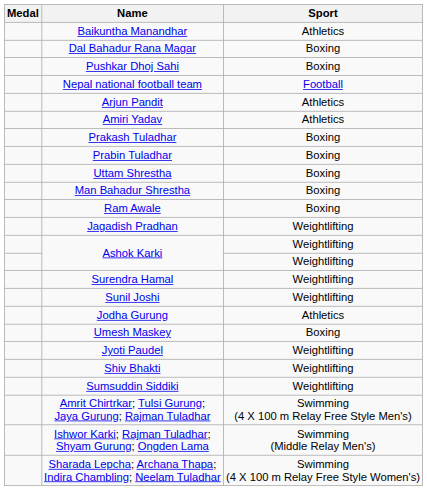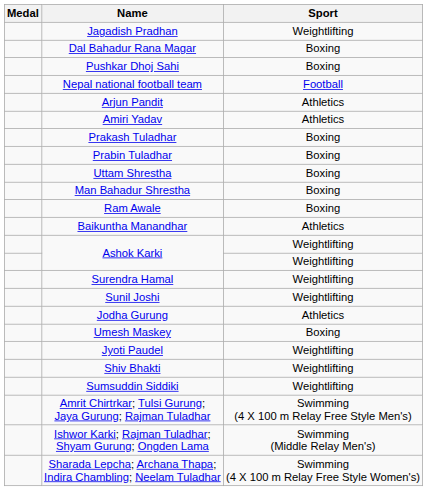 <table class="wikitable sortable" style="text-align:center; font-size:90%">
 <tr>
 <th>Medal</th>
 <th>Name</th>
 <th>Sport</th>
 </tr>
 <tr>
 <td></td>
-<td><a href='#'>Baikuntha Manandhar</a></td>
-<td>Athletics</td>
+<td><a href='#'>Jagadish Pradhan</a></td>
+<td>Weightlifting</td>
 </tr>
 <tr>
 <td></td>
 <td><a href='#'>Dal Bahadur Rana Magar</a></td>
 <td>Boxing</td>
 </tr>
 <tr>
 <td></td>
 <td><a href='#'>Pushkar Dhoj Sahi</a></td>
 <td>Boxing</td>
 </tr>
 <tr>
 <td></td>
 <td><a href='#'>Nepal national football team</a></td>
 <td><a href='#'>Football</a></td>
 </tr>
 <tr>
 <td></td>
 <td><a href='#'>Arjun Pandit</a></td>
 <td>Athletics</td>
 </tr>
 <tr>
 <td></td>
 <td><a href='#'>Amiri Yadav</a></td>
 <td>Athletics</td>
 </tr>
 <tr>
 <td></td>
 <td><a href='#'>Prakash Tuladhar</a></td>
 <td>Boxing</td>
 </tr>
 <tr>
 <td></td>
 <td><a href='#'>Prabin Tuladhar</a></td>
 <td>Boxing</td>
 </tr>
 <tr>
 <td></td>
 <td><a href='#'>Uttam Shrestha</a></td>
 <td>Boxing</td>
 </tr>
 <tr>
 <td></td>
 <td><a href='#'>Man Bahadur Shrestha</a></td>
 <td>Boxing</td>
 </tr>
 <tr>
 <td></td>
 <td><a href='#'>Ram Awale</a></td>
 <td>Boxing</td>
 </tr>
 <tr>
 <td></td>
-<td><a href='#'>Jagadish Pradhan</a></td>
-<td>Weightlifting</td>
+<td><a href='#'>Baikuntha Manandhar</a></td>
+<td>Athletics</td>
 </tr>
 <tr>
 <td></td>
 <td rowspan="2"><a href='#'>Ashok Karki</a></td>
 <td>Weightlifting</td>
 </tr>
 <tr>
 <td></td>
 <td>Weightlifting</td>
 </tr>
 <tr>
 <td></td>
 <td><a href='#'>Surendra Hamal</a></td>
 <td>Weightlifting</td>
 </tr>
 <tr>
 <td></td>
 <td><a href='#'>Sunil Joshi</a></td>
 <td>Weightlifting</td>
 </tr>
 <tr>
 <td></td>
 <td><a href='#'>Jodha Gurung</a></td>
 <td>Athletics</td>
 </tr>
 <tr>
 <td></td>
 <td><a href='#'>Umesh Maskey</a></td>
 <td>Boxing</td>
 </tr>
 <tr>
 <td></td>
 <td><a href='#'>Jyoti Paudel</a></td>
 <td>Weightlifting</td>
 </tr>
 <tr>
 <td></td>
 <td><a href='#'>Shiv Bhakti</a></td>
 <td>Weightlifting</td>
 </tr>
 <tr>
 <td></td>
 <td><a href='#'>Sumsuddin Siddiki</a></td>
 <td>Weightlifting</td>
 </tr>
 <tr>
 <td></td>
 <td><a href='#'>Amrit Chirtrkar</a>; <a href='#'>Tulsi Gurung</a>;<br><a href='#'>Jaya Gurung</a>; <a href='#'>Rajman Tuladhar</a></td>
 <td>Swimming<br>(4 X 100 m Relay Free Style Men's)</td>
 </tr>
 <tr>
 <td></td>
 <td><a href='#'>Ishwor Karki</a>; <a href='#'>Rajman Tuladhar</a>;<br><a href='#'>Shyam Gurung</a>; <a href='#'>Ongden Lama</a></td>
 <td>Swimming<br>(Middle Relay Men's)</td>
 </tr>
 <tr>
 <td></td>
 <td><a href='#'>Sharada Lepcha</a>; <a href='#'>Archana Thapa</a>;<br><a href='#'>Indira Chambling</a>; <a href='#'>Neelam Tuladhar</a></td>
 <td>Swimming<br>(4 X 100 m Relay Free Style Women's)</td>
 </tr>
 </table>
